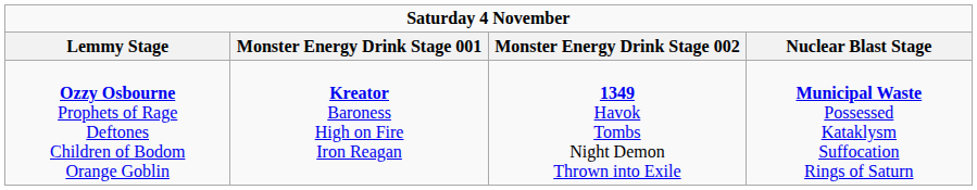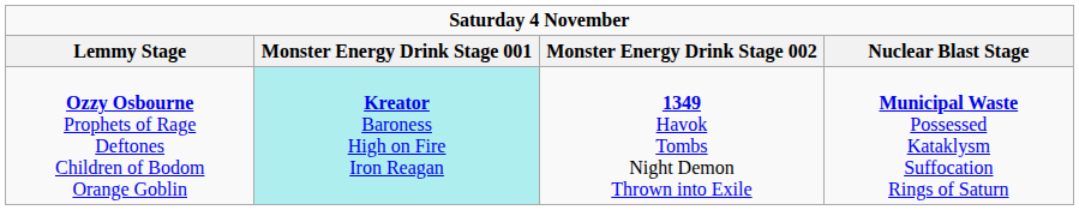 <table class="wikitable">
 <tr>
 <td colspan="4" style="text-align:center;"><strong>Saturday 4 November</strong></td>
 </tr>
 <tr>
 <th>Lemmy Stage</th>
 <th>Monster Energy Drink Stage 001</th>
 <th>Monster Energy Drink Stage 002</th>
 <th>Nuclear Blast Stage</th>
 </tr>
 <tr>
 <td style="text-align:center; vertical-align:top; width:200px;"><br><strong><a href='#'>Ozzy Osbourne</a></strong><br> <a href='#'>Prophets of Rage</a><br>  <a href='#'>Deftones</a><br> <a href='#'>Children of Bodom</a><br> <a href='#'>Orange Goblin</a><br></td>
-<td style="text-align:center; vertical-align:top; width:230px;"><br><strong><a href='#'>Kreator</a></strong><br> <a href='#'>Baroness</a><br> <a href='#'>High on Fire</a><br> <a href='#'>Iron Reagan</a><br></td>
+<td style="background: paleturquoise; text-align:center; vertical-align:top; width:230px;"><br><strong><a href='#'>Kreator</a></strong><br> <a href='#'>Baroness</a><br> <a href='#'>High on Fire</a><br> <a href='#'>Iron Reagan</a><br></td>
 <td style="text-align:center; vertical-align:top; width:230px;"><br><strong><a href='#'>1349</a></strong><br> <a href='#'>Havok</a><br> <a href='#'>Tombs</a><br> Night Demon<br> <a href='#'>Thrown into Exile</a><br></td>
 <td style="text-align:center; vertical-align:top; width:200px;"><br><strong><a href='#'>Municipal Waste</a></strong><br> <a href='#'>Possessed</a><br> <a href='#'>Kataklysm</a><br> <a href='#'>Suffocation</a><br> <a href='#'>Rings of Saturn</a><br></td>
 </tr>
 </table>
